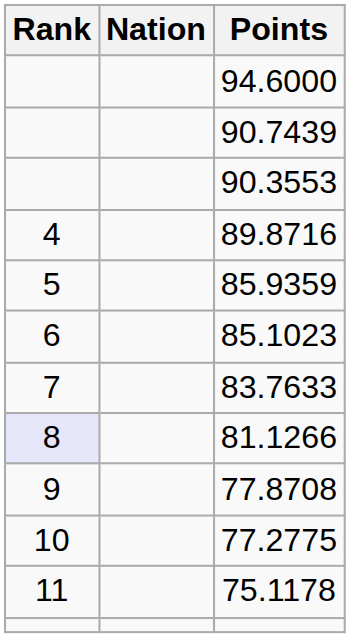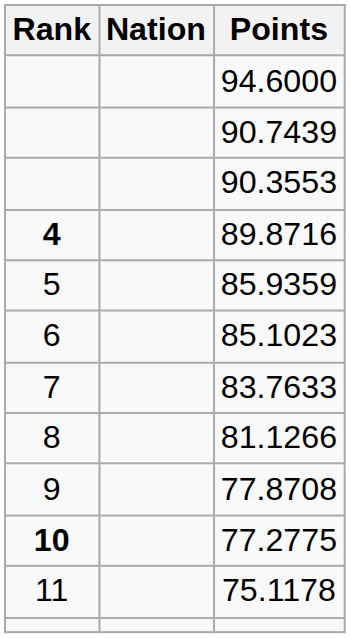 <table class="wikitable sortable" style="text-align:center">
 <tr>
 <th rowspan=2>Rank</th>
 <th rowspan=2>Nation</th>
 </tr>
 <tr>
 <th>Points</th>
 </tr>
 <tr>
 <td></td>
 <td align=left></td>
 <td>94.6000</td>
 </tr>
 <tr>
 <td></td>
 <td align=left></td>
 <td>90.7439</td>
 </tr>
 <tr>
 <td></td>
 <td align=left></td>
 <td>90.3553</td>
 </tr>
 <tr>
-<td>4</td>
+<td><strong>4</strong></td>
 <td align=left></td>
 <td>89.8716</td>
 </tr>
 <tr>
 <td>5</td>
 <td align=left></td>
 <td>85.9359</td>
 </tr>
 <tr>
 <td>6</td>
 <td align=left></td>
 <td>85.1023</td>
 </tr>
 <tr>
 <td>7</td>
 <td align=left></td>
 <td>83.7633</td>
 </tr>
 <tr>
-<td style="background: lavender;">8</td>
+<td>8</td>
 <td align=left></td>
 <td>81.1266</td>
 </tr>
 <tr>
 <td>9</td>
 <td align=left></td>
 <td>77.8708</td>
 </tr>
 <tr>
-<td>10</td>
+<td><strong>10</strong></td>
 <td align=left></td>
 <td>77.2775</td>
 </tr>
 <tr>
 <td>11</td>
 <td align=left></td>
 <td>75.1178</td>
 </tr>
 <tr>
 <td></td>
 <td align=left></td>
 <td></td>
 </tr>
 </table>
